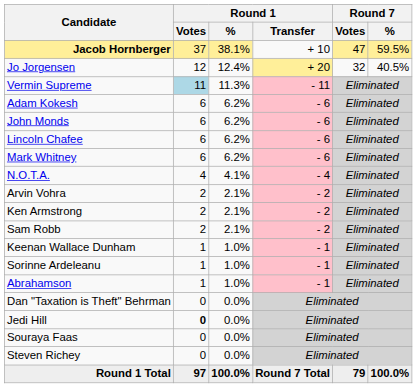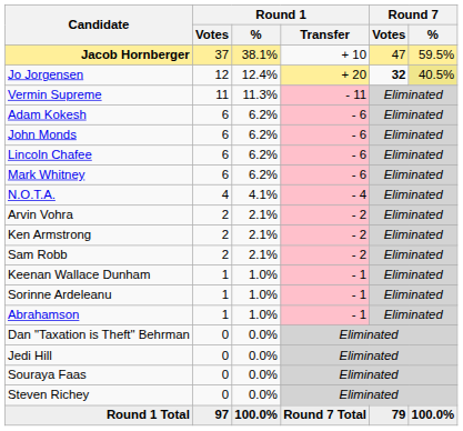 <table class="wikitable" style="text-align:right;">
 <tr>
 <th rowspan="2">Candidate</th>
 <th colspan="3">Round 1</th>
 <th colspan="3">Round 7</th>
 </tr>
 <tr>
 <th>Votes</th>
 <th>%</th>
 <th>Transfer</th>
 <th>Votes</th>
 <th>%</th>
 </tr>
 <tr>
 <td style="background:#ffef99;"><strong>Jacob Hornberger</strong></td>
 <td style="background:#ffef99;">37</td>
 <td style="background:#ffef99;">38.1%</td>
 <td>+ 10</td>
 <td style="background:#ffef99;">47</td>
 <td style="background:#ffef99;">59.5%</td>
 </tr>
 <tr>
 <td style="text-align:left;"><a href='#'>Jo Jorgensen</a></td>
 <td>12</td>
 <td>12.4%</td>
 <td style="background:#ffef99;">+ 20</td>
-<td>32</td>
-<td>40.5%</td>
+<td><strong>32</strong></td>
+<td style="background: khaki;">40.5%</td>
 </tr>
 <tr>
 <td style="text-align:left;"><a href='#'>Vermin Supreme</a></td>
-<td style="background: lightblue;">11</td>
+<td>11</td>
 <td>11.3%</td>
 <td BGCOLOR=pink>- 11</td>
 <td colspan="8" bgcolor="lightgray" align="center"><em>Eliminated</em></td>
 </tr>
 <tr>
 <td style="text-align:left;"><a href='#'>Adam Kokesh</a></td>
 <td>6</td>
 <td>6.2%</td>
 <td BGCOLOR=pink>- 6</td>
 <td colspan="8" bgcolor="lightgray" align="center"><em>Eliminated</em></td>
 </tr>
 <tr>
 <td style="text-align:left;"><a href='#'>John Monds</a></td>
 <td>6</td>
 <td>6.2%</td>
 <td BGCOLOR=pink>- 6</td>
 <td colspan="8" bgcolor="lightgray" align="center"><em>Eliminated</em></td>
 </tr>
 <tr>
 <td style="text-align:left;"><a href='#'>Lincoln Chafee</a></td>
 <td>6</td>
 <td>6.2%</td>
 <td BGCOLOR=pink>- 6</td>
 <td colspan="8" bgcolor="lightgray" align="center"><em>Eliminated</em></td>
 </tr>
 <tr>
 <td style="text-align:left;"><a href='#'>Mark Whitney</a></td>
 <td>6</td>
 <td>6.2%</td>
 <td BGCOLOR=pink>- 6</td>
 <td colspan="8" bgcolor="lightgray" align="center"><em>Eliminated</em></td>
 </tr>
 <tr>
 <td style="text-align:left;"><a href='#'>N.O.T.A.</a></td>
 <td>4</td>
 <td>4.1%</td>
 <td BGCOLOR=pink>- 4</td>
 <td colspan="8" bgcolor="lightgray" align="center"><em>Eliminated</em></td>
 </tr>
 <tr>
 <td style="text-align:left;">Arvin Vohra</td>
 <td>2</td>
 <td>2.1%</td>
 <td BGCOLOR=pink>- 2</td>
 <td colspan="8" bgcolor="lightgray" align="center"><em>Eliminated</em></td>
 </tr>
 <tr>
 <td style="text-align:left;">Ken Armstrong</td>
 <td>2</td>
 <td>2.1%</td>
 <td BGCOLOR=pink>- 2</td>
 <td colspan="8" bgcolor="lightgray" align="center"><em>Eliminated</em></td>
 </tr>
 <tr>
 <td style="text-align:left;">Sam Robb</td>
 <td>2</td>
 <td>2.1%</td>
 <td BGCOLOR=pink>- 2</td>
 <td colspan="8" bgcolor="lightgray" align="center"><em>Eliminated</em></td>
 </tr>
 <tr>
 <td style="text-align:left;">Keenan Wallace Dunham</td>
 <td>1</td>
 <td>1.0%</td>
 <td BGCOLOR=pink>- 1</td>
 <td colspan="8" bgcolor="lightgray" align="center"><em>Eliminated</em></td>
 </tr>
 <tr>
 <td style="text-align:left;">Sorinne Ardeleanu</td>
 <td>1</td>
 <td>1.0%</td>
 <td BGCOLOR=pink>- 1</td>
 <td colspan="8" bgcolor="lightgray" align="center"><em>Eliminated</em></td>
 </tr>
 <tr>
 <td style="text-align:left;"><a href='#'>Abrahamson</a> </td>
 <td>1</td>
 <td>1.0%</td>
 <td BGCOLOR=pink>- 1</td>
 <td colspan="8" bgcolor="lightgray" align="center"><em>Eliminated</em></td>
 </tr>
 <tr>
 <td style="text-align:left;">Dan "Taxation is Theft" Behrman</td>
 <td>0</td>
 <td>0.0%</td>
 <td colspan="8" bgcolor="lightgray" align="center"><em>Eliminated</em></td>
 </tr>
 <tr>
 <td style="text-align:left;">Jedi Hill</td>
-<td><strong>0</strong></td>
+<td>0</td>
 <td>0.0%</td>
 <td colspan="8" bgcolor="lightgray" align="center"><em>Eliminated</em></td>
 </tr>
 <tr>
 <td style="text-align:left;">Souraya Faas</td>
 <td>0</td>
 <td>0.0%</td>
 <td colspan="8" bgcolor="lightgray" align="center"><em>Eliminated</em></td>
 </tr>
 <tr>
 <td style="text-align:left;">Steven Richey</td>
 <td>0</td>
 <td>0.0%</td>
 <td colspan="8" bgcolor="lightgray" align="center"><em>Eliminated</em></td>
 </tr>
 <tr style="background:#eee;">
 <td style="margin-right:0.50px"><strong>Round 1 Total</strong></td>
 <td style="margin-right:0.50px"><strong>97</strong></td>
 <td style="margin-right:0.50px"><strong>100.0%</strong></td>
 <td style="margin-right:0.50px"><strong>Round 7 Total</strong></td>
 <td style="margin-right:0.50px"><strong>79</strong></td>
 <td style="margin-right:0.50px"><strong>100.0%</strong></td>
 </tr>
 </table>
